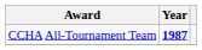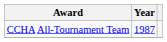 <table class="wikitable">
 <tr>
 <th>Award</th>
 <th>Year</th>
 <th></th>
 </tr>
 <tr>
 <td><a href='#'>CCHA</a> <a href='#'>All-Tournament Team</a></td>
-<td><strong><a href='#'>1987</a></strong></td>
+<td><a href='#'>1987</a></td>
 <td></td>
 </tr>
 <tr>
 </tr>
 </table>
